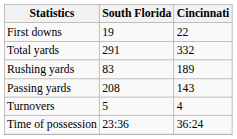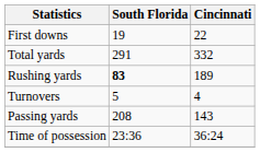 <table class="wikitable">
 <tr>
 <th>Statistics</th>
 <th>South Florida</th>
 <th>Cincinnati</th>
 </tr>
 <tr>
 <td>First downs</td>
 <td>19</td>
 <td>22</td>
 </tr>
 <tr>
 <td>Total yards</td>
 <td>291</td>
 <td>332</td>
 </tr>
 <tr>
 <td>Rushing yards</td>
-<td>83</td>
+<td><strong>83</strong></td>
 <td>189</td>
+</tr>
+<tr>
+<td>Turnovers</td>
+<td>5</td>
+<td>4</td>
 </tr>
 <tr>
 <td>Passing yards</td>
 <td>208</td>
 <td>143</td>
-</tr>
-<tr>
-<td>Turnovers</td>
-<td>5</td>
-<td>4</td>
 </tr>
 <tr>
 <td>Time of possession</td>
 <td>23:36</td>
 <td>36:24</td>
 </tr>
 <tr>
 </tr>
 </table>
